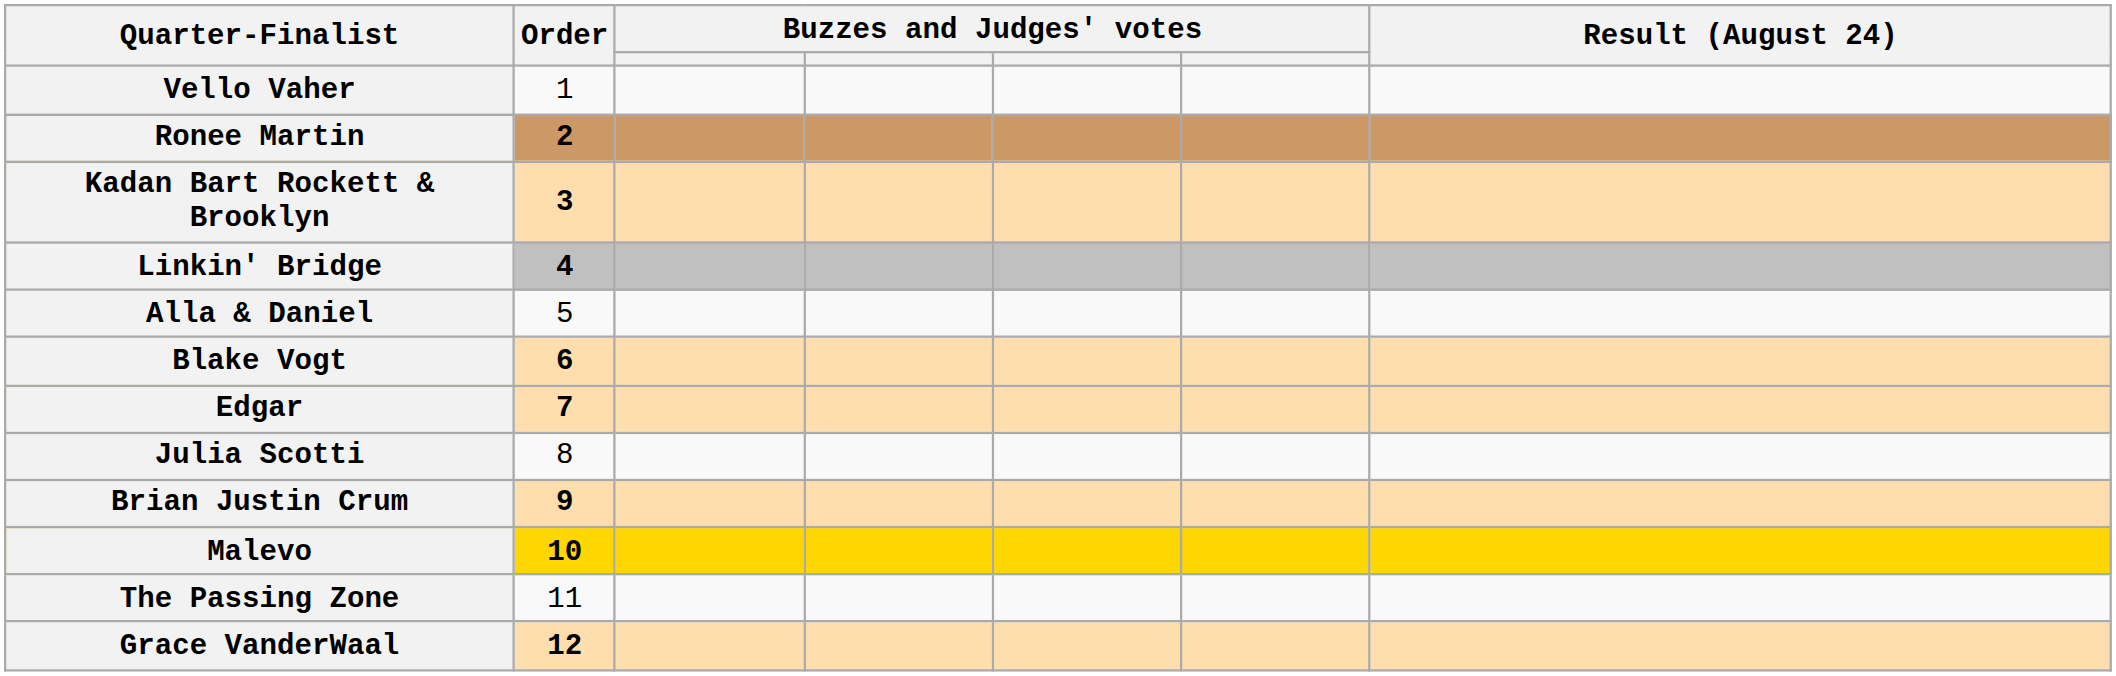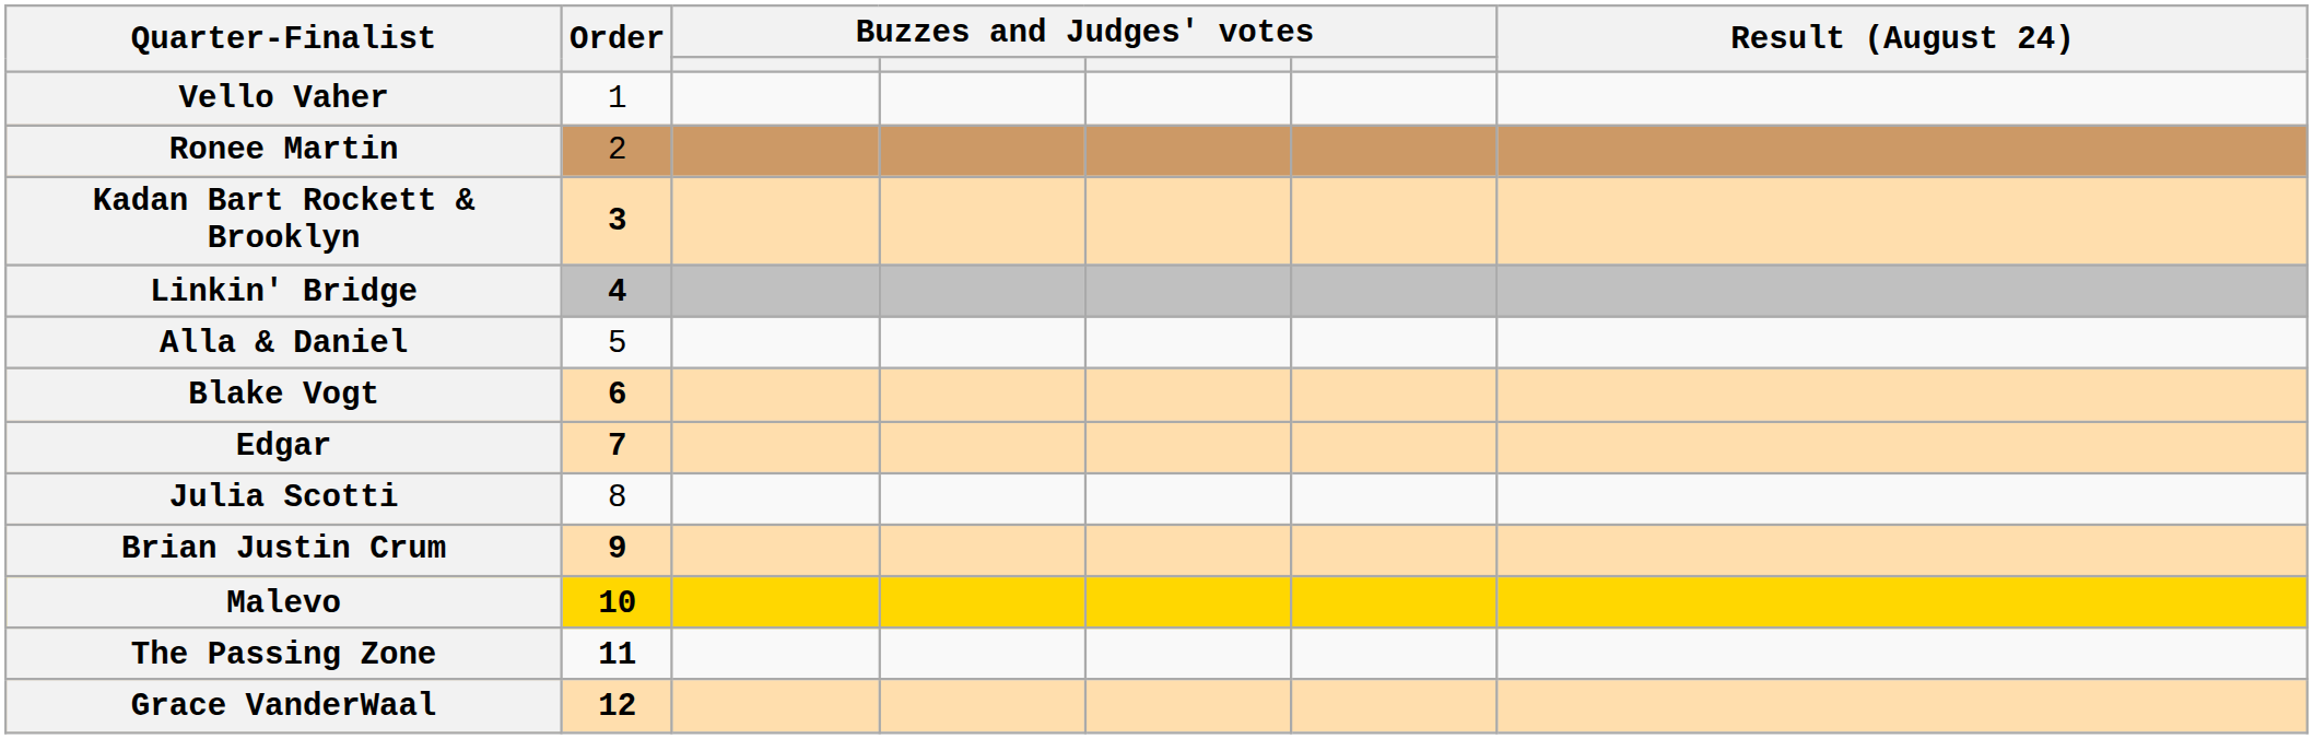 <table class="wikitable plainrowheaders sortable" style="text-align:center;">
 <tr>
 <th scope="col" rowspan="2" class="unsortable" style="width:17em;">Quarter-Finalist</th>
 <th scope="col" rowspan="2" style="width:1em;">Order</th>
 <th scope="col" colspan="4" class="unsortable" style="width:24em;">Buzzes and Judges' votes</th>
 <th scope="col" rowspan="2" style="width:25em;">Result (August 24)</th>
 </tr>
 <tr>
 <th scope="col" class="unsortable" style="width:6em;"></th>
 <th scope="col" class="unsortable" style="width:6em;"></th>
 <th scope="col" class="unsortable" style="width:6em;"></th>
 <th scope="col" class="unsortable" style="width:6em;"></th>
 </tr>
 <tr>
 <th scope="row">Vello Vaher</th>
 <td>1</td>
 <td style="text-align:center;"></td>
 <td style="text-align:center;"></td>
 <td style="text-align:center;"></td>
 <td style="text-align:center;"></td>
 <td></td>
 </tr>
 <tr style="background:#c96;">
 <th scope="row">Ronee Martin</th>
-<td><strong>2</strong></td>
+<td>2</td>
 <td style="text-align:center;"></td>
 <td style="text-align:center;"></td>
 <td style="text-align:center;"></td>
 <td style="text-align:center;"></td>
 <td></td>
 </tr>
 <tr style="background:NavajoWhite;">
 <th scope="row"><strong>Kadan Bart Rockett & Brooklyn</strong></th>
 <td><strong>3</strong></td>
 <td style="text-align:center;"></td>
 <td style="text-align:center;"></td>
 <td style="text-align:center;"></td>
 <td style="text-align:center;"></td>
 <td><strong></strong></td>
 </tr>
 <tr style="background:silver;">
 <th scope="row"><strong>Linkin' Bridge</strong></th>
 <td><strong>4</strong></td>
 <td style="text-align:center;"></td>
 <td style="text-align:center;"></td>
 <td style="text-align:center;"></td>
 <td style="text-align:center;"></td>
 <td><strong></strong></td>
 </tr>
 <tr>
 <th scope="row">Alla & Daniel</th>
 <td>5</td>
 <td style="text-align:center;"></td>
 <td style="text-align:center;"></td>
 <td style="text-align:center;"></td>
 <td style="text-align:center;"></td>
 <td></td>
 </tr>
 <tr style="background:NavajoWhite;">
 <th scope="row"><strong>Blake Vogt</strong></th>
 <td><strong>6</strong></td>
 <td style="text-align:center;"></td>
 <td style="text-align:center;"></td>
 <td style="text-align:center;"></td>
 <td style="text-align:center;"></td>
 <td><strong></strong></td>
 </tr>
 <tr style="background:NavajoWhite;">
 <th scope="row"><strong>Edgar</strong></th>
 <td><strong>7</strong></td>
 <td style="text-align:center;"></td>
 <td style="text-align:center;"></td>
 <td style="text-align:center;"></td>
 <td style="text-align:center;"></td>
 <td><strong></strong></td>
 </tr>
 <tr>
 <th scope="row">Julia Scotti</th>
 <td>8</td>
 <td style="text-align:center;"></td>
 <td style="text-align:center;"></td>
 <td style="text-align:center;"></td>
 <td style="text-align:center;"></td>
 <td></td>
 </tr>
 <tr style="background:NavajoWhite;">
 <th scope="row"><strong>Brian Justin Crum</strong></th>
 <td><strong>9</strong></td>
 <td style="text-align:center;"></td>
 <td style="text-align:center;"></td>
 <td style="text-align:center;"></td>
 <td style="text-align:center;"></td>
 <td><strong></strong></td>
 </tr>
 <tr style="background:Gold;">
 <th scope="row"><strong>Malevo</strong></th>
 <td><strong>10</strong></td>
 <td style="text-align:center;"></td>
 <td style="text-align:center;"></td>
 <td style="text-align:center;"></td>
 <td style="text-align:center;"></td>
 <td><strong></strong></td>
 </tr>
 <tr>
 <th scope="row">The Passing Zone </th>
-<td>11</td>
+<td><strong>11</strong></td>
 <td style="text-align:center;"></td>
 <td style="text-align:center;"></td>
 <td style="text-align:center;"></td>
 <td style="text-align:center;"></td>
 <td></td>
 </tr>
 <tr style="background:NavajoWhite;">
 <th scope="row"><strong>Grace VanderWaal</strong></th>
 <td><strong>12</strong></td>
 <td style="text-align:center;"></td>
 <td style="text-align:center;"></td>
 <td style="text-align:center;"></td>
 <td style="text-align:center;"></td>
 <td><strong></strong></td>
 </tr>
 </table>
